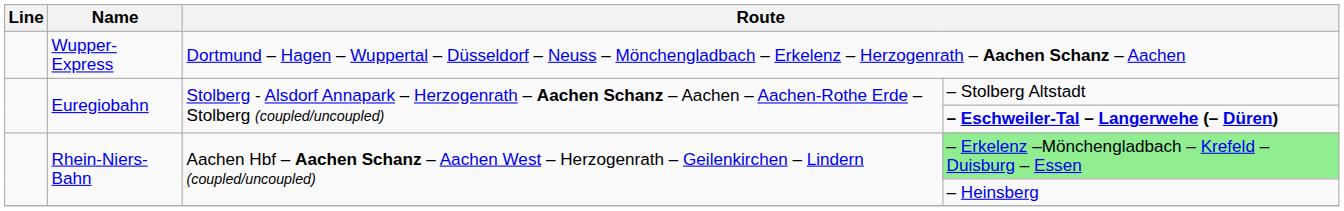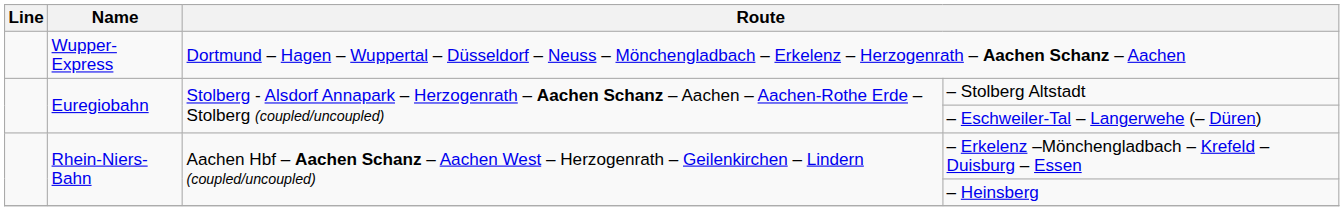 <table class="wikitable">
 <tr>
 <th>Line</th>
 <th>Name</th>
 <th colspan="3">Route</th>
 </tr>
 <tr>
 <td></td>
 <td><a href='#'>Wupper-Express</a></td>
 <td colspan="2"><a href='#'>Dortmund</a> – <a href='#'>Hagen</a> – <a href='#'>Wuppertal</a> – <a href='#'>Düsseldorf</a> – <a href='#'>Neuss</a> – <a href='#'>Mönchengladbach</a> – <a href='#'>Erkelenz</a> – <a href='#'>Herzogenrath</a> – <strong>Aachen Schanz</strong> – <a href='#'>Aachen</a></td>
 </tr>
 <tr>
 <td rowspan="2"></td>
 <td rowspan="2"><a href='#'>Euregiobahn</a></td>
 <td rowspan="2"><a href='#'>Stolberg</a> - <a href='#'>Alsdorf Annapark</a> – <a href='#'>Herzogenrath</a> – <strong>Aachen Schanz</strong> – Aachen – <a href='#'>Aachen-Rothe Erde</a> – Stolberg <small> <em>(coupled/uncoupled)</em></small></td>
 <td>– Stolberg Altstadt</td>
 </tr>
 <tr>
-<td><strong>– <a href='#'>Eschweiler-Tal</a> – <a href='#'>Langerwehe</a> (– <a href='#'>Düren</a>)</strong></td>
+<td>– <a href='#'>Eschweiler-Tal</a> – <a href='#'>Langerwehe</a> (– <a href='#'>Düren</a>)</td>
 </tr>
 <tr>
 <td rowspan="2"></td>
 <td rowspan="2"><a href='#'>Rhein-Niers-Bahn</a></td>
 <td rowspan="2">Aachen Hbf – <strong>Aachen Schanz</strong> – <a href='#'>Aachen West</a> – Herzogenrath – <a href='#'>Geilenkirchen</a> – <a href='#'>Lindern</a><small> <em>(coupled/uncoupled)</em></small></td>
-<td style="background: lightgreen;">– <a href='#'>Erkelenz</a> –Mönchengladbach – <a href='#'>Krefeld</a> – <a href='#'>Duisburg</a> – <a href='#'>Essen</a></td>
+<td>– <a href='#'>Erkelenz</a> –Mönchengladbach – <a href='#'>Krefeld</a> – <a href='#'>Duisburg</a> – <a href='#'>Essen</a></td>
 </tr>
 <tr>
 <td>– <a href='#'>Heinsberg</a></td>
 </tr>
 <tr>
 </tr>
 </table>
